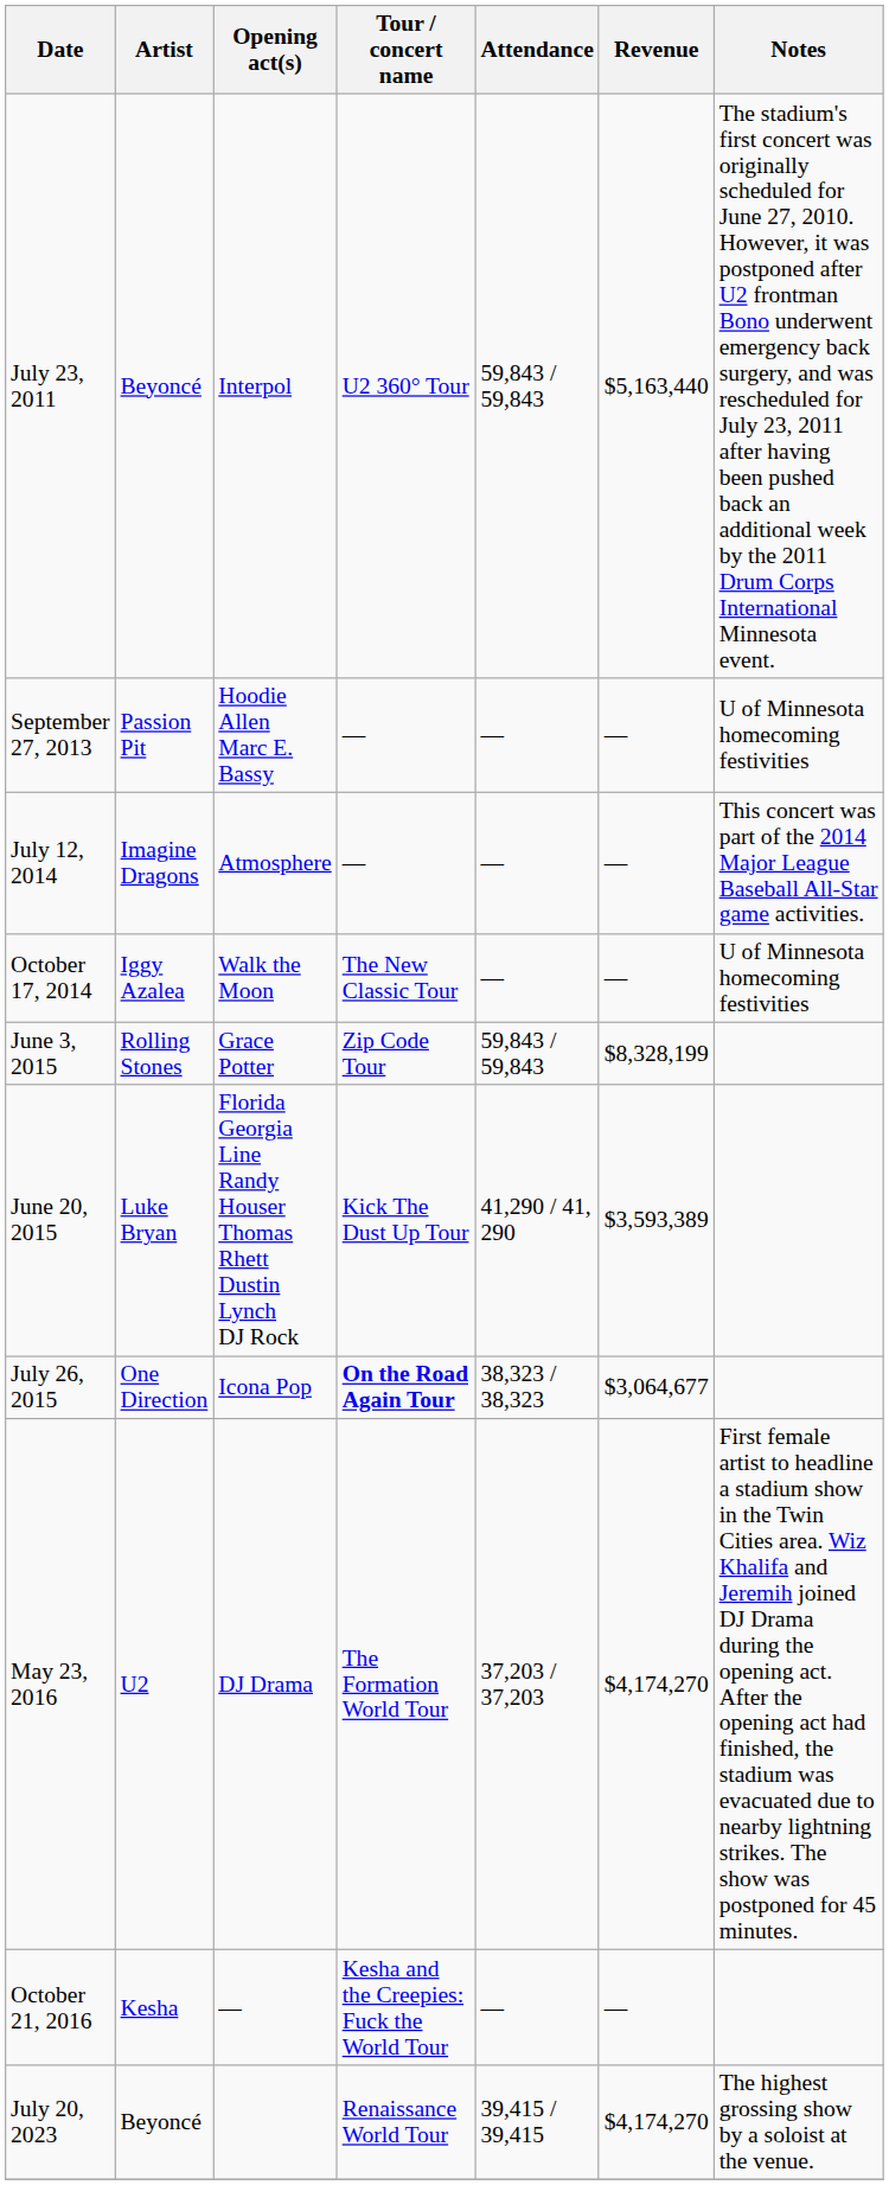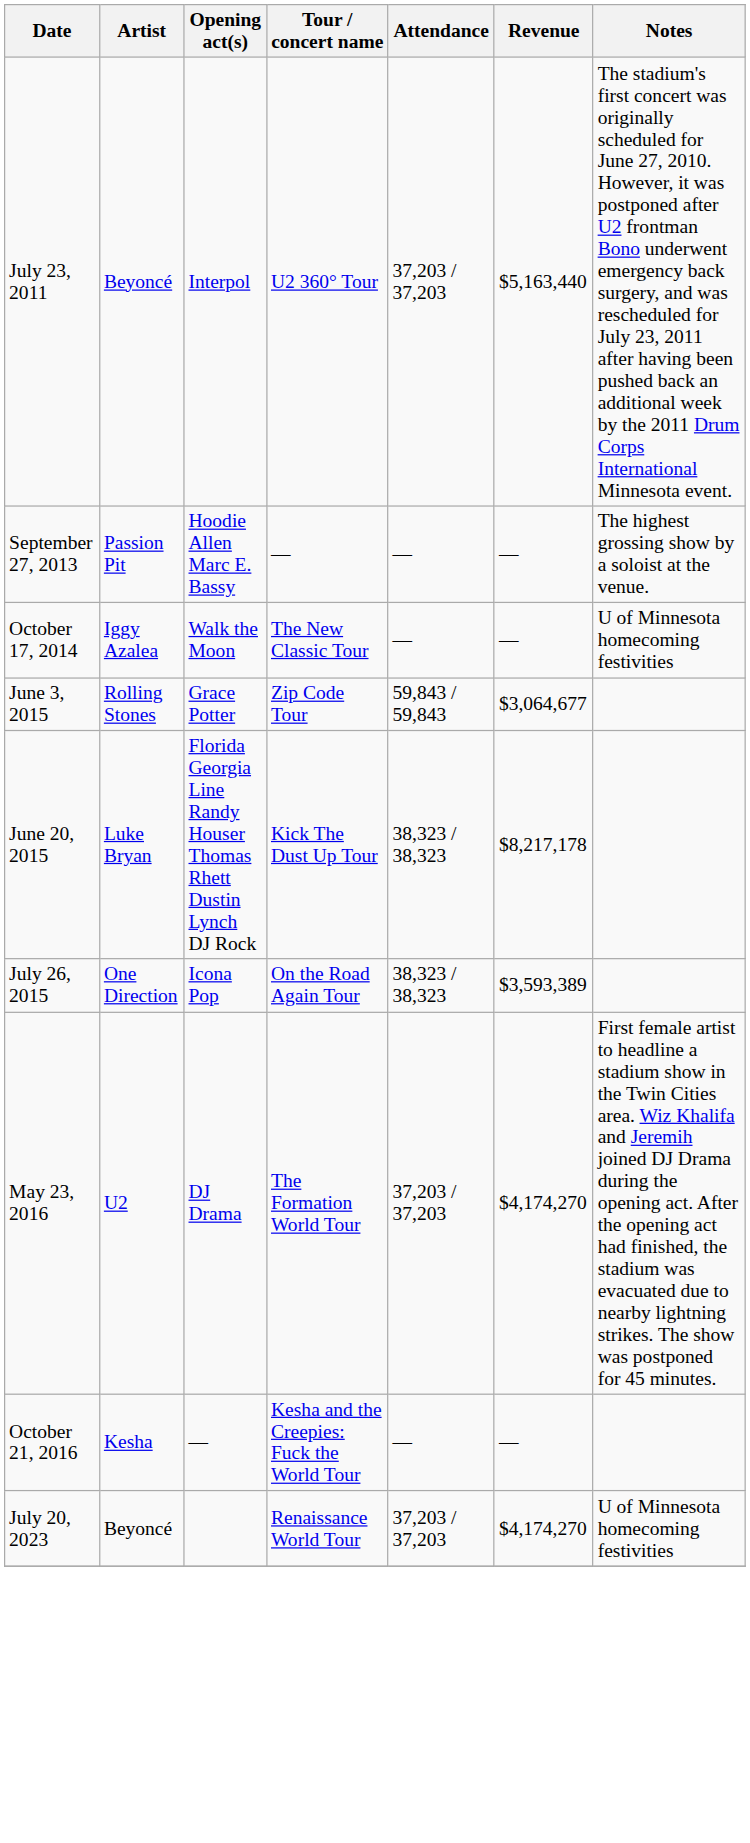 <table class="wikitable" style=font-size:100% style="text-align:center">
 <tr>
 <th width=12%>Date</th>
 <th width=10%>Artist</th>
 <th width=10%>Opening act(s)</th>
 <th width=16%>Tour / concert name</th>
 <th width=10%>Attendance</th>
 <th width=10%>Revenue</th>
 <th width=20%>Notes</th>
 </tr>
 <tr>
 <td>July 23, 2011</td>
 <td><a href='#'>Beyoncé</a></td>
 <td><a href='#'>Interpol</a></td>
 <td><a href='#'>U2 360° Tour</a></td>
-<td>59,843 / 59,843</td>
+<td>37,203 / 37,203</td>
 <td>$5,163,440</td>
 <td>The stadium's first concert was originally scheduled for June 27, 2010. However, it was postponed after <a href='#'>U2</a> frontman <a href='#'>Bono</a> underwent emergency back surgery, and was rescheduled for July 23, 2011 after having been pushed back an additional week by the 2011 <a href='#'>Drum Corps International</a> Minnesota event.</td>
 </tr>
 <tr>
 <td>September 27, 2013</td>
 <td><a href='#'>Passion Pit</a></td>
 <td><a href='#'>Hoodie Allen</a><br><a href='#'>Marc E. Bassy</a></td>
 <td>—</td>
 <td>—</td>
 <td>—</td>
-<td>U of Minnesota homecoming festivities</td>
-</tr>
-<tr>
-<td>July 12, 2014</td>
-<td><a href='#'>Imagine Dragons</a></td>
-<td><a href='#'>Atmosphere</a></td>
-<td>—</td>
-<td>—</td>
-<td>—</td>
-<td>This concert was part of the <a href='#'>2014 Major League Baseball All-Star game</a> activities.</td>
+<td>The highest grossing show by a soloist at the venue.</td>
 </tr>
 <tr>
 <td>October 17, 2014</td>
 <td><a href='#'>Iggy Azalea</a></td>
 <td><a href='#'>Walk the Moon</a></td>
 <td><a href='#'>The New Classic Tour</a></td>
 <td>—</td>
 <td>—</td>
 <td>U of Minnesota homecoming festivities</td>
 </tr>
 <tr>
 <td>June 3, 2015</td>
 <td><a href='#'>Rolling Stones</a></td>
 <td><a href='#'>Grace Potter</a></td>
 <td><a href='#'>Zip Code Tour</a></td>
 <td>59,843 / 59,843</td>
-<td>$8,328,199</td>
+<td>$3,064,677</td>
 <td></td>
 </tr>
 <tr>
 <td>June 20, 2015</td>
 <td><a href='#'>Luke Bryan</a></td>
 <td><a href='#'>Florida Georgia Line</a><br><a href='#'>Randy Houser</a><br><a href='#'>Thomas Rhett</a><br><a href='#'>Dustin Lynch</a><br>DJ Rock</td>
 <td><a href='#'>Kick The Dust Up Tour</a></td>
-<td>41,290 / 41, 290</td>
-<td>$3,593,389</td>
+<td>38,323 / 38,323</td>
+<td>$8,217,178</td>
 <td></td>
 </tr>
 <tr>
 <td>July 26, 2015</td>
 <td><a href='#'>One Direction</a></td>
 <td><a href='#'>Icona Pop</a></td>
-<td><strong><a href='#'>On the Road Again Tour</a></strong></td>
+<td><a href='#'>On the Road Again Tour</a></td>
 <td>38,323 / 38,323</td>
-<td>$3,064,677</td>
+<td>$3,593,389</td>
 <td></td>
 </tr>
 <tr>
 <td>May 23, 2016</td>
 <td><a href='#'>U2</a></td>
 <td><a href='#'>DJ Drama</a></td>
 <td><a href='#'>The Formation World Tour</a></td>
 <td>37,203 / 37,203</td>
 <td>$4,174,270</td>
 <td>First female artist to headline a stadium show in the Twin Cities area. <a href='#'>Wiz Khalifa</a> and <a href='#'>Jeremih</a> joined DJ Drama during the opening act. After the opening act had finished, the stadium was evacuated due to nearby lightning strikes. The show was postponed for 45 minutes.</td>
 </tr>
 <tr>
 <td>October 21, 2016</td>
 <td><a href='#'>Kesha</a></td>
 <td>—</td>
 <td><a href='#'>Kesha and the Creepies: Fuck the World Tour</a></td>
 <td>—</td>
 <td>—</td>
 <td></td>
 </tr>
 <tr>
 <td>July 20, 2023</td>
 <td>Beyoncé</td>
 <td></td>
 <td><a href='#'>Renaissance World Tour</a></td>
-<td>39,415 / 39,415</td>
+<td>37,203 / 37,203</td>
 <td>$4,174,270</td>
-<td>The highest grossing show by a soloist at the venue.</td>
+<td>U of Minnesota homecoming festivities</td>
 </tr>
 <tr>
 </tr>
 </table>
